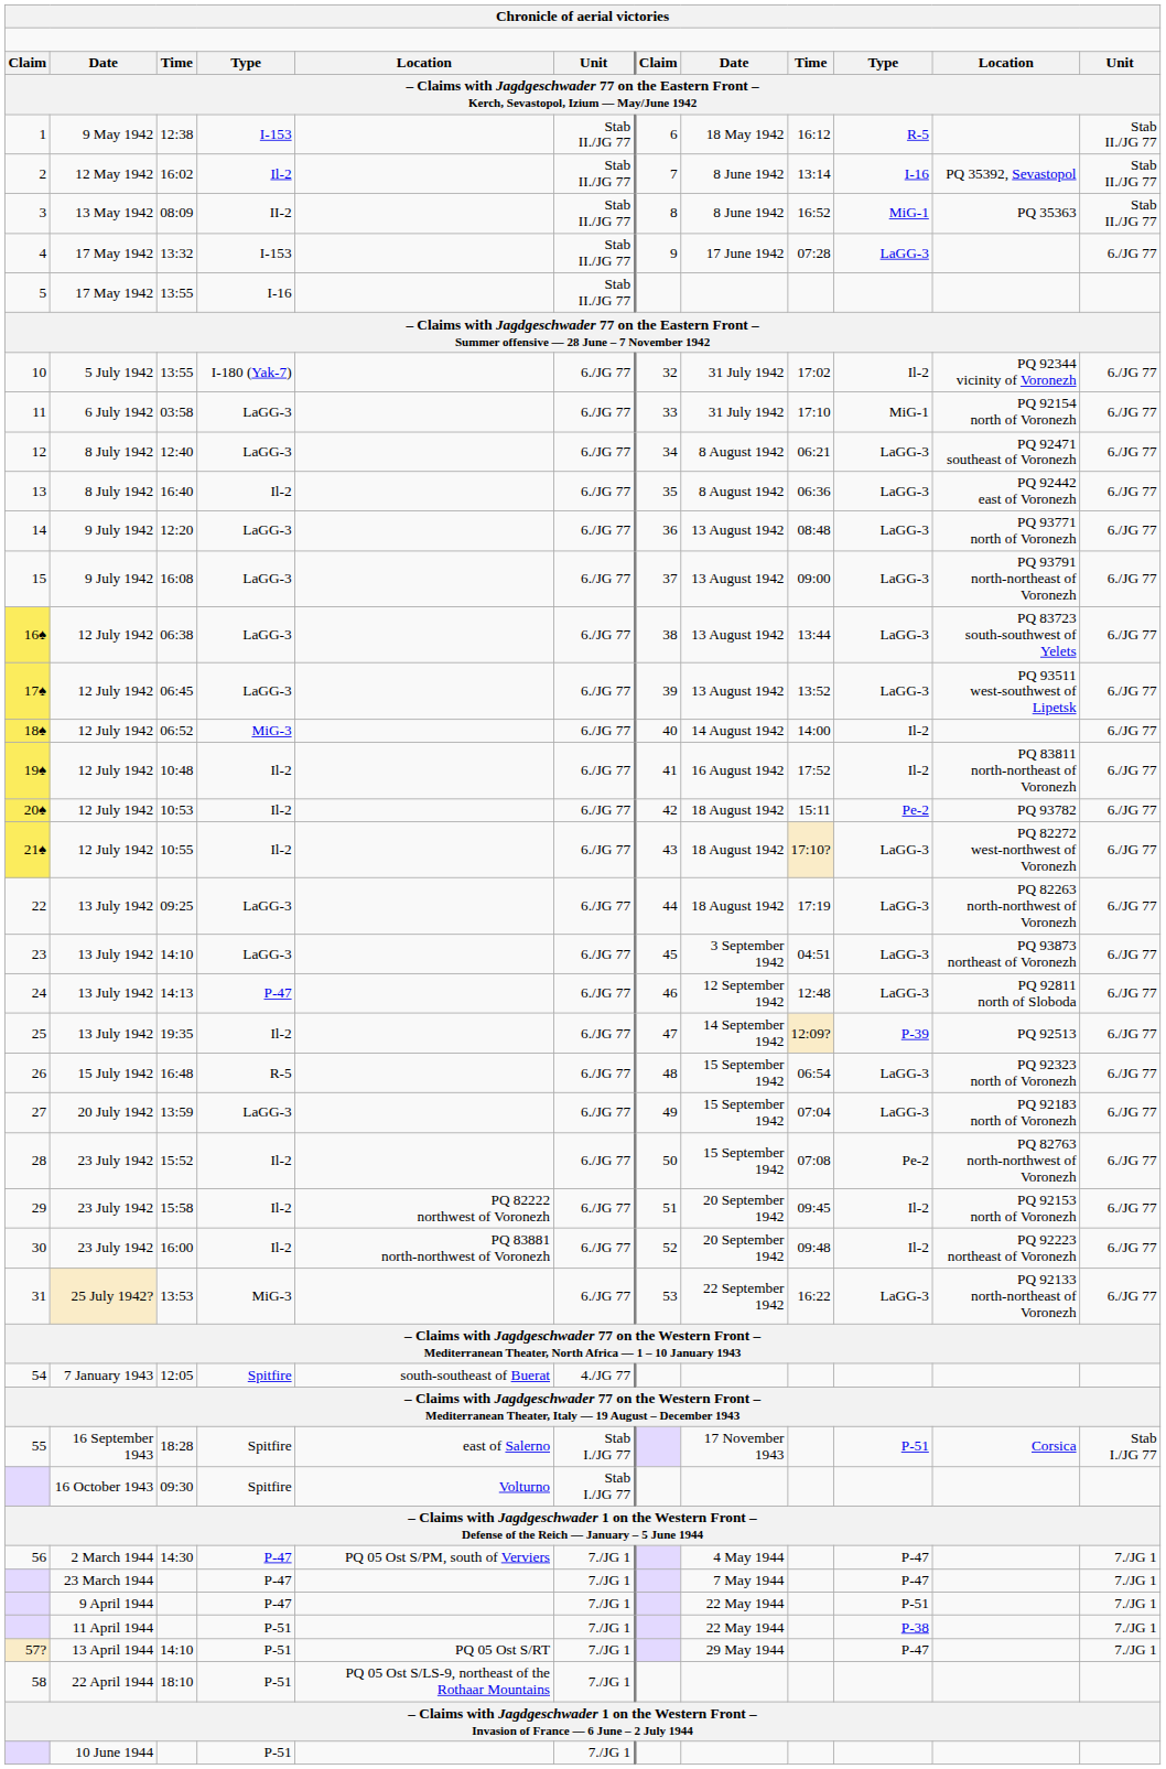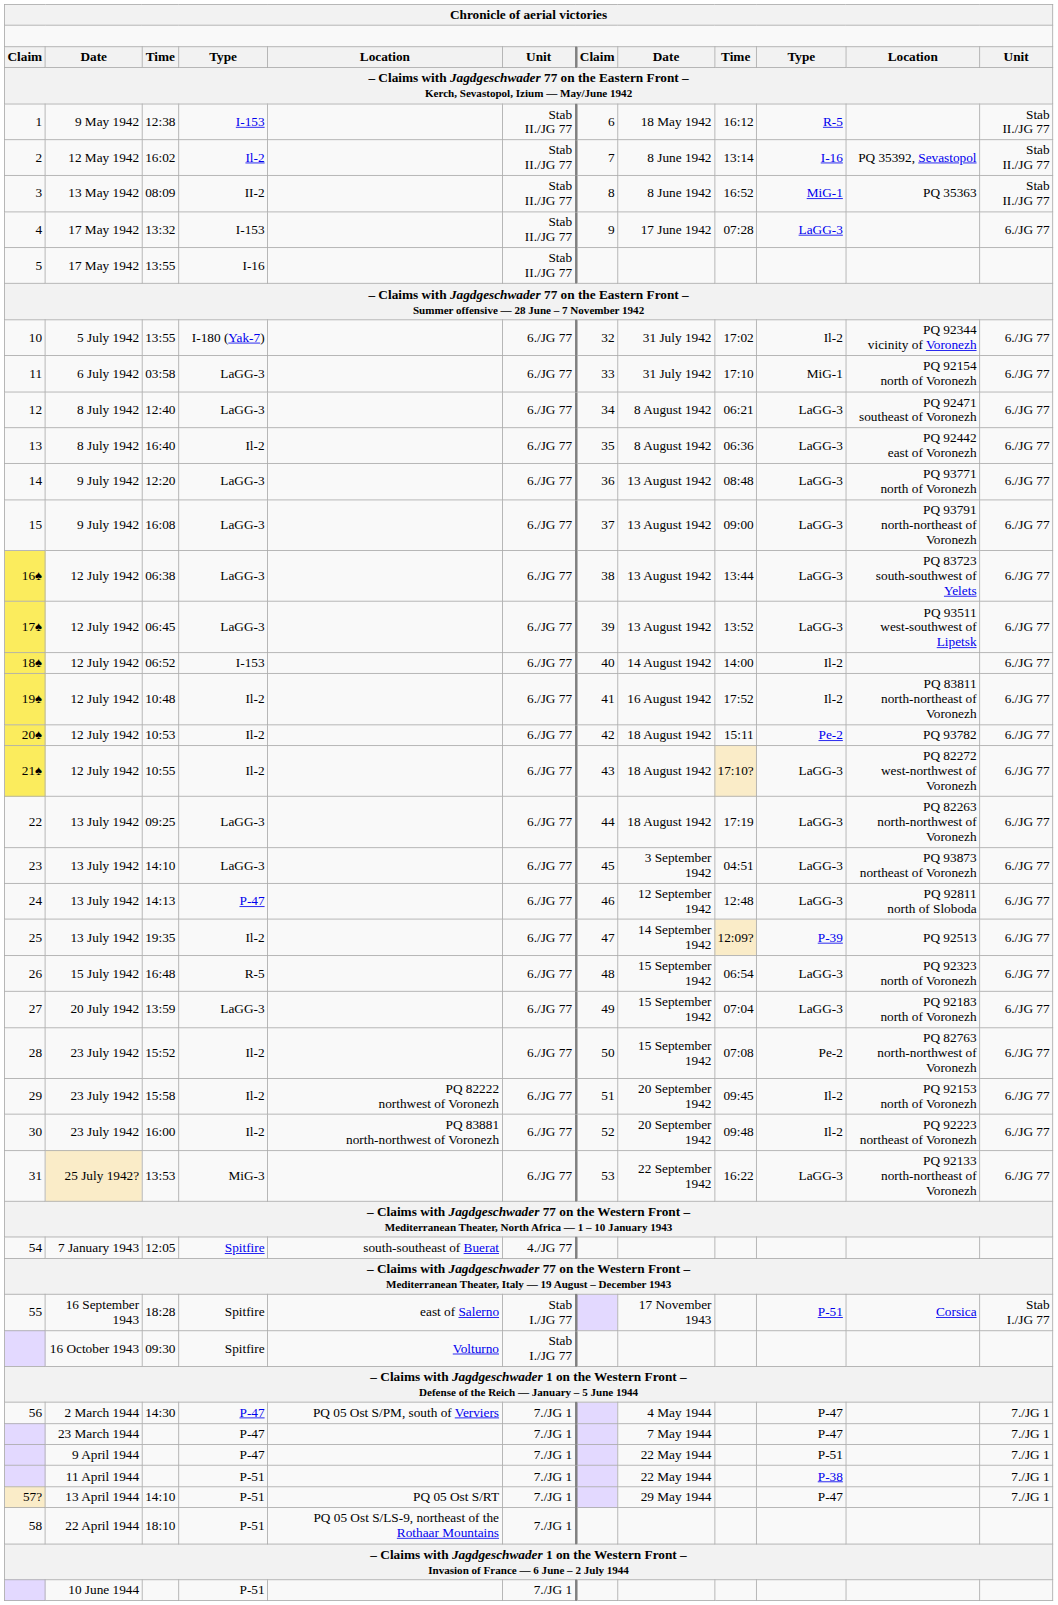 <table class="wikitable plainrowheaders collapsible" style="margin-left: auto; margin-right: auto; border: none; text-align:right; width: 100%;">
 <tr>
 <th colspan="12">Chronicle of aerial victories</th>
 </tr>
 <tr>
 <td colspan="12" style="text-align: left;"><br>  </td>
 </tr>
 <tr>
 <th scope="col">Claim</th>
 <th scope="col">Date</th>
 <th scope="col">Time</th>
 <th scope="col" width="100px">Type</th>
 <th scope="col">Location</th>
 <th scope="col">Unit</th>
 <th scope="col" style="border-left: 3px solid grey;">Claim</th>
 <th scope="col">Date</th>
 <th scope="col">Time</th>
 <th scope="col" width="100px">Type</th>
 <th scope="col">Location</th>
 <th scope="col">Unit</th>
 </tr>
 <tr>
 <th colspan="12">– Claims with <em>Jagdgeschwader</em> 77 on the Eastern Front –<br><small>Kerch, Sevastopol, Izium — May/June 1942</small></th>
 </tr>
 <tr>
 <td>1</td>
 <td>9 May 1942</td>
 <td>12:38</td>
 <td><a href='#'>I-153</a></td>
 <td></td>
 <td>Stab II./JG 77</td>
 <td style="border-left: 3px solid grey;">6</td>
 <td>18 May 1942</td>
 <td>16:12</td>
 <td><a href='#'>R-5</a></td>
 <td></td>
 <td>Stab II./JG 77</td>
 </tr>
 <tr>
 <td>2</td>
 <td>12 May 1942</td>
 <td>16:02</td>
 <td><a href='#'>Il-2</a></td>
 <td></td>
 <td>Stab II./JG 77</td>
 <td style="border-left: 3px solid grey;">7</td>
 <td>8 June 1942</td>
 <td>13:14</td>
 <td><a href='#'>I-16</a></td>
 <td>PQ 35392, <a href='#'>Sevastopol</a></td>
 <td>Stab II./JG 77</td>
 </tr>
 <tr>
 <td>3</td>
 <td>13 May 1942</td>
 <td>08:09</td>
 <td>II-2</td>
 <td></td>
 <td>Stab II./JG 77</td>
 <td style="border-left: 3px solid grey;">8</td>
 <td>8 June 1942</td>
 <td>16:52</td>
 <td><a href='#'>MiG-1</a></td>
 <td>PQ 35363</td>
 <td>Stab II./JG 77</td>
 </tr>
 <tr>
 <td>4</td>
 <td>17 May 1942</td>
 <td>13:32</td>
 <td>I-153</td>
 <td></td>
 <td>Stab II./JG 77</td>
 <td style="border-left: 3px solid grey;">9</td>
 <td>17 June 1942</td>
 <td>07:28</td>
 <td><a href='#'>LaGG-3</a></td>
 <td></td>
 <td>6./JG 77</td>
 </tr>
 <tr>
 <td>5</td>
 <td>17 May 1942</td>
 <td>13:55</td>
 <td>I-16</td>
 <td></td>
 <td>Stab II./JG 77</td>
 <td style="border-left: 3px solid grey;"></td>
 <td></td>
 <td></td>
 <td></td>
 <td></td>
 <td></td>
 </tr>
 <tr>
 <th colspan="12">– Claims with <em>Jagdgeschwader</em> 77 on the Eastern Front –<br><small>Summer offensive — 28 June – 7 November 1942</small></th>
 </tr>
 <tr>
 <td>10</td>
 <td>5 July 1942</td>
 <td>13:55</td>
 <td>I-180 (<a href='#'>Yak-7</a>)</td>
 <td></td>
 <td>6./JG 77</td>
 <td style="border-left: 3px solid grey;">32</td>
 <td>31 July 1942</td>
 <td>17:02</td>
 <td>Il-2</td>
 <td>PQ 92344<br>vicinity of <a href='#'>Voronezh</a></td>
 <td>6./JG 77</td>
 </tr>
 <tr>
 <td>11</td>
 <td>6 July 1942</td>
 <td>03:58</td>
 <td>LaGG-3</td>
 <td></td>
 <td>6./JG 77</td>
 <td style="border-left: 3px solid grey;">33</td>
 <td>31 July 1942</td>
 <td>17:10</td>
 <td>MiG-1</td>
 <td>PQ 92154<br> north of Voronezh</td>
 <td>6./JG 77</td>
 </tr>
 <tr>
 <td>12</td>
 <td>8 July 1942</td>
 <td>12:40</td>
 <td>LaGG-3</td>
 <td></td>
 <td>6./JG 77</td>
 <td style="border-left: 3px solid grey;">34</td>
 <td>8 August 1942</td>
 <td>06:21</td>
 <td>LaGG-3</td>
 <td>PQ 92471<br> southeast of Voronezh</td>
 <td>6./JG 77</td>
 </tr>
 <tr>
 <td>13</td>
 <td>8 July 1942</td>
 <td>16:40</td>
 <td>Il-2</td>
 <td></td>
 <td>6./JG 77</td>
 <td style="border-left: 3px solid grey;">35</td>
 <td>8 August 1942</td>
 <td>06:36</td>
 <td>LaGG-3</td>
 <td>PQ 92442<br> east of Voronezh</td>
 <td>6./JG 77</td>
 </tr>
 <tr>
 <td>14</td>
 <td>9 July 1942</td>
 <td>12:20</td>
 <td>LaGG-3</td>
 <td></td>
 <td>6./JG 77</td>
 <td style="border-left: 3px solid grey;">36</td>
 <td>13 August 1942</td>
 <td>08:48</td>
 <td>LaGG-3</td>
 <td>PQ 93771<br> north of Voronezh</td>
 <td>6./JG 77</td>
 </tr>
 <tr>
 <td>15</td>
 <td>9 July 1942</td>
 <td>16:08</td>
 <td>LaGG-3</td>
 <td></td>
 <td>6./JG 77</td>
 <td style="border-left: 3px solid grey;">37</td>
 <td>13 August 1942</td>
 <td>09:00</td>
 <td>LaGG-3</td>
 <td>PQ 93791<br> north-northeast of Voronezh</td>
 <td>6./JG 77</td>
 </tr>
 <tr>
 <td style="background:#fbec5d;">16♠</td>
 <td>12 July 1942</td>
 <td>06:38</td>
 <td>LaGG-3</td>
 <td></td>
 <td>6./JG 77</td>
 <td style="border-left: 3px solid grey;">38</td>
 <td>13 August 1942</td>
 <td>13:44</td>
 <td>LaGG-3</td>
 <td>PQ 83723<br> south-southwest of <a href='#'>Yelets</a></td>
 <td>6./JG 77</td>
 </tr>
 <tr>
 <td style="background:#fbec5d;">17♠</td>
 <td>12 July 1942</td>
 <td>06:45</td>
 <td>LaGG-3</td>
 <td></td>
 <td>6./JG 77</td>
 <td style="border-left: 3px solid grey;">39</td>
 <td>13 August 1942</td>
 <td>13:52</td>
 <td>LaGG-3</td>
 <td>PQ 93511<br> west-southwest of <a href='#'>Lipetsk</a></td>
 <td>6./JG 77</td>
 </tr>
 <tr>
 <td style="background:#fbec5d;">18♠</td>
 <td>12 July 1942</td>
 <td>06:52</td>
-<td><a href='#'>MiG-3</a></td>
+<td>I-153</td>
 <td></td>
 <td>6./JG 77</td>
 <td style="border-left: 3px solid grey;">40</td>
 <td>14 August 1942</td>
 <td>14:00</td>
 <td>Il-2</td>
 <td></td>
 <td>6./JG 77</td>
 </tr>
 <tr>
 <td style="background:#fbec5d;">19♠</td>
 <td>12 July 1942</td>
 <td>10:48</td>
 <td>Il-2</td>
 <td></td>
 <td>6./JG 77</td>
 <td style="border-left: 3px solid grey;">41</td>
 <td>16 August 1942</td>
 <td>17:52</td>
 <td>Il-2</td>
 <td>PQ 83811<br> north-northeast of Voronezh</td>
 <td>6./JG 77</td>
 </tr>
 <tr>
 <td style="background:#fbec5d;">20♠</td>
 <td>12 July 1942</td>
 <td>10:53</td>
 <td>Il-2</td>
 <td></td>
 <td>6./JG 77</td>
 <td style="border-left: 3px solid grey;">42</td>
 <td>18 August 1942</td>
 <td>15:11</td>
 <td><a href='#'>Pe-2</a></td>
 <td>PQ 93782</td>
 <td>6./JG 77</td>
 </tr>
 <tr>
 <td style="background:#fbec5d;">21♠</td>
 <td>12 July 1942</td>
 <td>10:55</td>
 <td>Il-2</td>
 <td></td>
 <td>6./JG 77</td>
 <td style="border-left: 3px solid grey;">43</td>
 <td>18 August 1942</td>
 <td style="background:#faecc8">17:10?</td>
 <td>LaGG-3</td>
 <td>PQ 82272<br> west-northwest of Voronezh</td>
 <td>6./JG 77</td>
 </tr>
 <tr>
 <td>22</td>
 <td>13 July 1942</td>
 <td>09:25</td>
 <td>LaGG-3</td>
 <td></td>
 <td>6./JG 77</td>
 <td style="border-left: 3px solid grey;">44</td>
 <td>18 August 1942</td>
 <td>17:19</td>
 <td>LaGG-3</td>
 <td>PQ 82263<br> north-northwest of Voronezh</td>
 <td>6./JG 77</td>
 </tr>
 <tr>
 <td>23</td>
 <td>13 July 1942</td>
 <td>14:10</td>
 <td>LaGG-3</td>
 <td></td>
 <td>6./JG 77</td>
 <td style="border-left: 3px solid grey;">45</td>
 <td>3 September 1942</td>
 <td>04:51</td>
 <td>LaGG-3</td>
 <td>PQ 93873<br> northeast of Voronezh</td>
 <td>6./JG 77</td>
 </tr>
 <tr>
 <td>24</td>
 <td>13 July 1942</td>
 <td>14:13</td>
 <td><a href='#'>P-47</a></td>
 <td></td>
 <td>6./JG 77</td>
 <td style="border-left: 3px solid grey;">46</td>
 <td>12 September 1942</td>
 <td>12:48</td>
 <td>LaGG-3</td>
 <td>PQ 92811<br> north of Sloboda</td>
 <td>6./JG 77</td>
 </tr>
 <tr>
 <td>25</td>
 <td>13 July 1942</td>
 <td>19:35</td>
 <td>Il-2</td>
 <td></td>
 <td>6./JG 77</td>
 <td style="border-left: 3px solid grey;">47</td>
 <td>14 September 1942</td>
 <td style="background:#faecc8">12:09?</td>
 <td><a href='#'>P-39</a></td>
 <td>PQ 92513</td>
 <td>6./JG 77</td>
 </tr>
 <tr>
 <td>26</td>
 <td>15 July 1942</td>
 <td>16:48</td>
 <td>R-5</td>
 <td></td>
 <td>6./JG 77</td>
 <td style="border-left: 3px solid grey;">48</td>
 <td>15 September 1942</td>
 <td>06:54</td>
 <td>LaGG-3</td>
 <td>PQ 92323<br> north of Voronezh</td>
 <td>6./JG 77</td>
 </tr>
 <tr>
 <td>27</td>
 <td>20 July 1942</td>
 <td>13:59</td>
 <td>LaGG-3</td>
 <td></td>
 <td>6./JG 77</td>
 <td style="border-left: 3px solid grey;">49</td>
 <td>15 September 1942</td>
 <td>07:04</td>
 <td>LaGG-3</td>
 <td>PQ 92183<br> north of Voronezh</td>
 <td>6./JG 77</td>
 </tr>
 <tr>
 <td>28</td>
 <td>23 July 1942</td>
 <td>15:52</td>
 <td>Il-2</td>
 <td></td>
 <td>6./JG 77</td>
 <td style="border-left: 3px solid grey;">50</td>
 <td>15 September 1942</td>
 <td>07:08</td>
 <td>Pe-2</td>
 <td>PQ 82763<br> north-northwest of Voronezh</td>
 <td>6./JG 77</td>
 </tr>
 <tr>
 <td>29</td>
 <td>23 July 1942</td>
 <td>15:58</td>
 <td>Il-2</td>
 <td>PQ 82222<br> northwest of Voronezh</td>
 <td>6./JG 77</td>
 <td style="border-left: 3px solid grey;">51</td>
 <td>20 September 1942</td>
 <td>09:45</td>
 <td>Il-2</td>
 <td>PQ 92153<br> north of Voronezh</td>
 <td>6./JG 77</td>
 </tr>
 <tr>
 <td>30</td>
 <td>23 July 1942</td>
 <td>16:00</td>
 <td>Il-2</td>
 <td>PQ 83881<br> north-northwest of Voronezh</td>
 <td>6./JG 77</td>
 <td style="border-left: 3px solid grey;">52</td>
 <td>20 September 1942</td>
 <td>09:48</td>
 <td>Il-2</td>
 <td>PQ 92223<br> northeast of Voronezh</td>
 <td>6./JG 77</td>
 </tr>
 <tr>
 <td>31</td>
 <td style="background:#faecc8">25 July 1942?</td>
 <td>13:53</td>
 <td>MiG-3</td>
 <td></td>
 <td>6./JG 77</td>
 <td style="border-left: 3px solid grey;">53</td>
 <td>22 September 1942</td>
 <td>16:22</td>
 <td>LaGG-3</td>
 <td>PQ 92133<br> north-northeast of Voronezh</td>
 <td>6./JG 77</td>
 </tr>
 <tr>
 <th colspan="12">– Claims with <em>Jagdgeschwader</em> 77 on the Western Front –<br><small>Mediterranean Theater, North Africa — 1 – 10 January 1943</small></th>
 </tr>
 <tr>
 <td>54</td>
 <td>7 January 1943</td>
 <td>12:05</td>
 <td><a href='#'>Spitfire</a></td>
 <td> south-southeast of <a href='#'>Buerat</a></td>
 <td>4./JG 77</td>
 <td style="border-left: 3px solid grey;"></td>
 <td></td>
 <td></td>
 <td></td>
 <td></td>
 <td></td>
 </tr>
 <tr>
 <th colspan="12">– Claims with <em>Jagdgeschwader</em> 77 on the Western Front –<br><small>Mediterranean Theater, Italy — 19 August – December 1943</small></th>
 </tr>
 <tr>
 <td>55</td>
 <td>16 September 1943</td>
 <td>18:28</td>
 <td>Spitfire</td>
 <td>east of <a href='#'>Salerno</a></td>
 <td>Stab I./JG 77</td>
 <td style="border-left: 3px solid grey; background:#e3d9ff;"></td>
 <td>17 November 1943</td>
 <td></td>
 <td><a href='#'>P-51</a></td>
 <td><a href='#'>Corsica</a></td>
 <td>Stab I./JG 77</td>
 </tr>
 <tr>
 <td style="background:#e3d9ff;"></td>
 <td>16 October 1943</td>
 <td>09:30</td>
 <td>Spitfire</td>
 <td><a href='#'>Volturno</a></td>
 <td>Stab I./JG 77</td>
 <td style="border-left: 3px solid grey;"></td>
 <td></td>
 <td></td>
 <td></td>
 <td></td>
 <td></td>
 </tr>
 <tr>
 <th colspan="12">– Claims with <em>Jagdgeschwader</em> 1 on the Western Front –<br><small>Defense of the Reich — January – 5 June 1944</small></th>
 </tr>
 <tr>
 <td>56</td>
 <td>2 March 1944</td>
 <td>14:30</td>
 <td><a href='#'>P-47</a></td>
 <td>PQ 05 Ost S/PM, south of <a href='#'>Verviers</a></td>
 <td>7./JG 1</td>
 <td style="border-left: 3px solid grey; background:#e3d9ff;"></td>
 <td>4 May 1944</td>
 <td></td>
 <td>P-47</td>
 <td></td>
 <td>7./JG 1</td>
 </tr>
 <tr>
 <td style="background:#e3d9ff;"></td>
 <td>23 March 1944</td>
 <td></td>
 <td>P-47</td>
 <td></td>
 <td>7./JG 1</td>
 <td style="border-left: 3px solid grey; background:#e3d9ff;"></td>
 <td>7 May 1944</td>
 <td></td>
 <td>P-47</td>
 <td></td>
 <td>7./JG 1</td>
 </tr>
 <tr>
 <td style="background:#e3d9ff;"></td>
 <td>9 April 1944</td>
 <td></td>
 <td>P-47</td>
 <td></td>
 <td>7./JG 1</td>
 <td style="border-left: 3px solid grey; background:#e3d9ff;"></td>
 <td>22 May 1944</td>
 <td></td>
 <td>P-51</td>
 <td></td>
 <td>7./JG 1</td>
 </tr>
 <tr>
 <td style="background:#e3d9ff;"></td>
 <td>11 April 1944</td>
 <td></td>
 <td>P-51</td>
 <td></td>
 <td>7./JG 1</td>
 <td style="border-left: 3px solid grey; background:#e3d9ff;"></td>
 <td>22 May 1944</td>
 <td></td>
 <td><a href='#'>P-38</a></td>
 <td></td>
 <td>7./JG 1</td>
 </tr>
 <tr>
 <td style="background:#faecc8">57?</td>
 <td>13 April 1944</td>
 <td>14:10</td>
 <td>P-51</td>
 <td>PQ 05 Ost S/RT</td>
 <td>7./JG 1</td>
 <td style="border-left: 3px solid grey; background:#e3d9ff;"></td>
 <td>29 May 1944</td>
 <td></td>
 <td>P-47</td>
 <td></td>
 <td>7./JG 1</td>
 </tr>
 <tr>
 <td>58</td>
 <td>22 April 1944</td>
 <td>18:10</td>
 <td>P-51</td>
 <td>PQ 05 Ost S/LS-9, northeast of the <a href='#'>Rothaar Mountains</a></td>
 <td>7./JG 1</td>
 <td style="border-left: 3px solid grey;"></td>
 <td></td>
 <td></td>
 <td></td>
 <td></td>
 <td></td>
 </tr>
 <tr>
 <th colspan="12">– Claims with <em>Jagdgeschwader</em> 1 on the Western Front –<br><small>Invasion of France — 6 June – 2 July 1944</small></th>
 </tr>
 <tr>
 <td style="background:#e3d9ff;"></td>
 <td>10 June 1944</td>
 <td></td>
 <td>P-51</td>
 <td></td>
 <td>7./JG 1</td>
 <td style="border-left: 3px solid grey;"></td>
 <td></td>
 <td></td>
 <td></td>
 <td></td>
 <td></td>
 </tr>
 </table>
